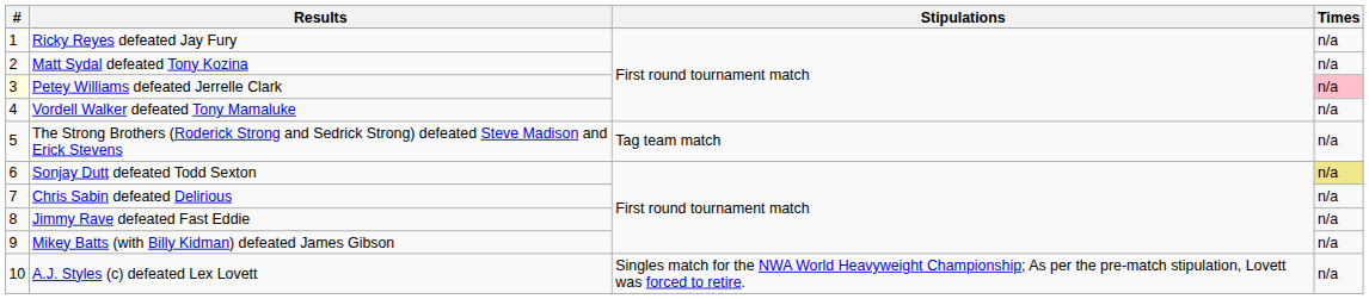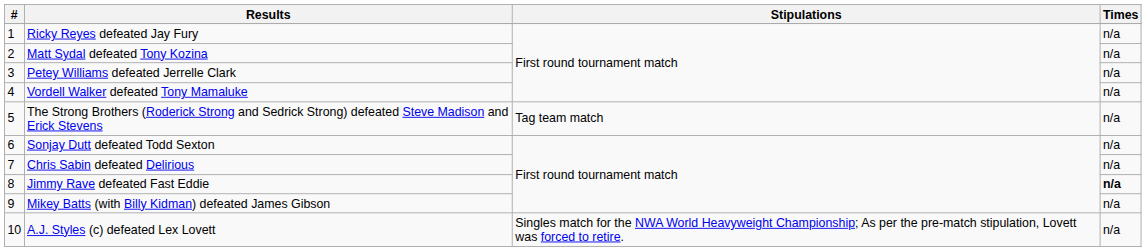 <table style="font-size: 85%" class="wikitable sortable">
 <tr>
 <th><strong>#</strong></th>
 <th><strong>Results</strong></th>
 <th><strong>Stipulations</strong></th>
 <th><strong>Times</strong></th>
 </tr>
 <tr>
 </tr>
 <tr>
 <td>1</td>
 <td><a href='#'>Ricky Reyes</a> defeated Jay Fury</td>
 <td rowspan="4">First round tournament match</td>
 <td>n/a</td>
 </tr>
 <tr>
 <td>2</td>
 <td><a href='#'>Matt Sydal</a> defeated <a href='#'>Tony Kozina</a></td>
 <td>n/a</td>
 </tr>
 <tr>
-<td style="background: lightyellow;">3</td>
+<td>3</td>
 <td><a href='#'>Petey Williams</a> defeated Jerrelle Clark</td>
-<td style="background: pink;">n/a</td>
+<td>n/a</td>
 </tr>
 <tr>
 <td>4</td>
 <td><a href='#'>Vordell Walker</a> defeated <a href='#'>Tony Mamaluke</a></td>
 <td>n/a</td>
 </tr>
 <tr>
 <td>5</td>
 <td>The Strong Brothers (<a href='#'>Roderick Strong</a> and Sedrick Strong) defeated <a href='#'>Steve Madison</a> and <a href='#'>Erick Stevens</a></td>
 <td>Tag team match</td>
 <td>n/a</td>
 </tr>
 <tr>
 <td>6</td>
 <td><a href='#'>Sonjay Dutt</a> defeated Todd Sexton</td>
 <td rowspan="4">First round tournament match</td>
-<td style="background: khaki;">n/a</td>
+<td>n/a</td>
 </tr>
 <tr>
 <td>7</td>
 <td><a href='#'>Chris Sabin</a> defeated <a href='#'>Delirious</a></td>
 <td>n/a</td>
 </tr>
 <tr>
 <td>8</td>
 <td><a href='#'>Jimmy Rave</a> defeated Fast Eddie</td>
-<td>n/a</td>
+<td><strong>n/a</strong></td>
 </tr>
 <tr>
 <td>9</td>
 <td><a href='#'>Mikey Batts</a> (with <a href='#'>Billy Kidman</a>) defeated James Gibson</td>
 <td>n/a</td>
 </tr>
 <tr>
 <td>10</td>
 <td><a href='#'>A.J. Styles</a> (c) defeated Lex Lovett</td>
 <td>Singles match for the <a href='#'>NWA World Heavyweight Championship</a>; As per the pre-match stipulation, Lovett was <a href='#'>forced to retire</a>.</td>
 <td>n/a</td>
 </tr>
 </table>
